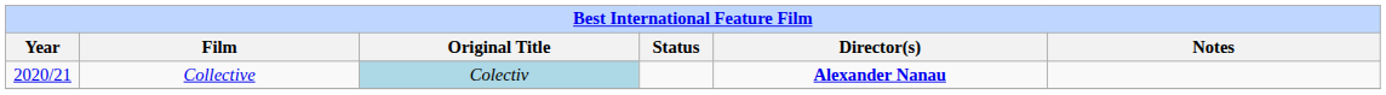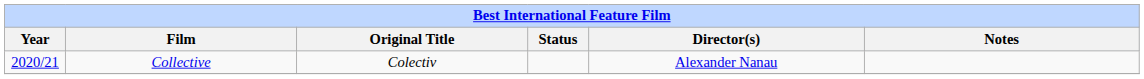 <table class="wikitable" style="text-align: center">
 <tr style="background:#bfd7ff;">
 <td colspan=6 style="text-align:center;"><strong><a href='#'>Best International Feature Film</a></strong></td>
 </tr>
 <tr style="background:#ebf5ff;">
 <th style="width:60px;">Year</th>
 <th style="width:250px;">Film</th>
 <th style="width:250px;">Original Title</th>
 <th style="width:60px;">Status</th>
 <th style="width:300px;">Director(s)</th>
 <th style="width:300px;">Notes</th>
 </tr>
 <tr>
 <td><a href='#'>2020/21</a></td>
 <td><em><a href='#'>Collective</a></em></td>
-<td style="background: lightblue;"><em>Colectiv</em></td>
+<td><em>Colectiv</em></td>
 <td></td>
-<td><strong><a href='#'>Alexander Nanau</a></strong></td>
+<td><a href='#'>Alexander Nanau</a></td>
 <td></td>
 </tr>
 <tr>
 </tr>
 </table>
